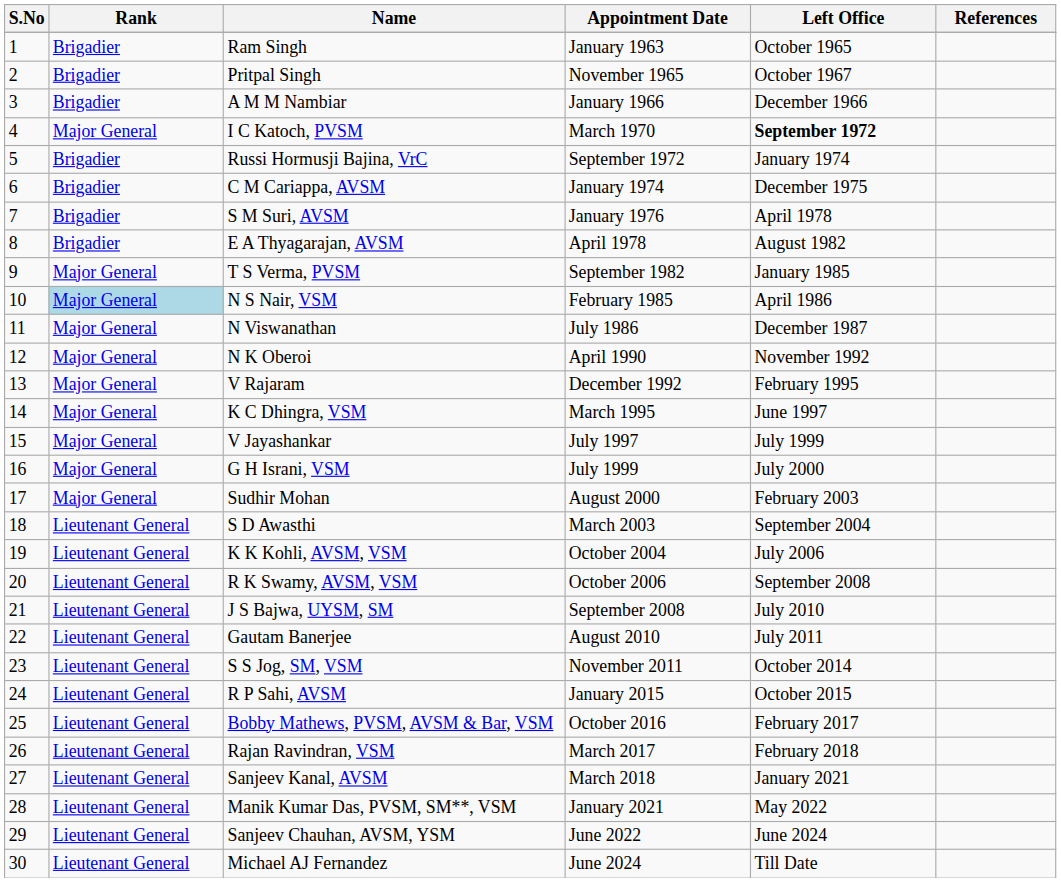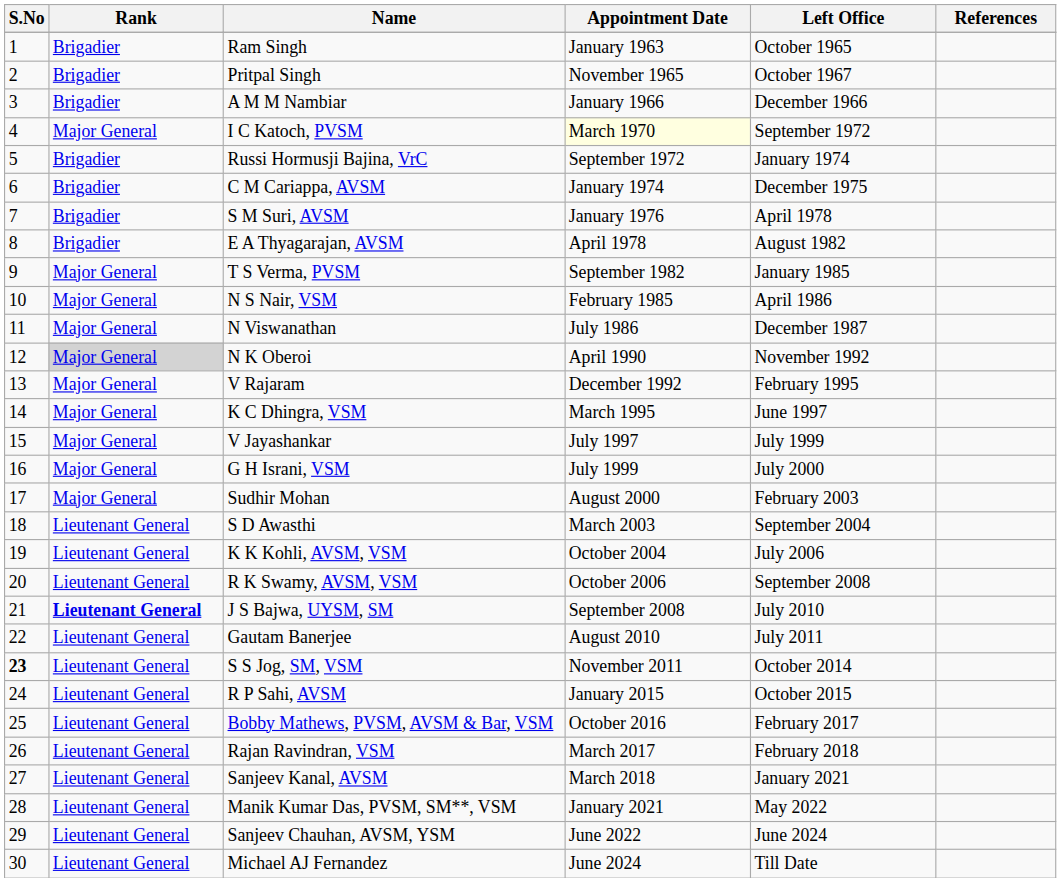 <table class="wikitable">
 <tr>
 <th scope="col" style="width: 20px;">S.No</th>
 <th scope="col" style="width: 150px;">Rank</th>
 <th scope="col" style="width: 300px;">Name</th>
 <th scope="col" style="width: 160px;">Appointment Date</th>
 <th scope="col" style="width: 160px;">Left Office</th>
 <th scope="col" style="width: 100px;">References</th>
 </tr>
 <tr>
 </tr>
 <tr>
 <td>1</td>
 <td><a href='#'>Brigadier</a></td>
 <td>Ram Singh</td>
 <td>January 1963</td>
 <td>October 1965</td>
 <td></td>
 </tr>
 <tr>
 <td>2</td>
 <td><a href='#'>Brigadier</a></td>
 <td>Pritpal Singh</td>
 <td>November 1965</td>
 <td>October 1967</td>
 <td></td>
 </tr>
 <tr>
 <td>3</td>
 <td><a href='#'>Brigadier</a></td>
 <td>A M M Nambiar</td>
 <td>January 1966</td>
 <td>December 1966</td>
 <td></td>
 </tr>
 <tr>
 <td>4</td>
 <td><a href='#'>Major General</a></td>
 <td>I C Katoch, <a href='#'>PVSM</a></td>
-<td>March 1970</td>
-<td><strong>September 1972</strong></td>
+<td style="background: lightyellow;">March 1970</td>
+<td>September 1972</td>
 <td></td>
 </tr>
 <tr>
 <td>5</td>
 <td><a href='#'>Brigadier</a></td>
 <td>Russi Hormusji Bajina, <a href='#'>VrC</a></td>
 <td>September 1972</td>
 <td>January 1974</td>
 <td></td>
 </tr>
 <tr>
 <td>6</td>
 <td><a href='#'>Brigadier</a></td>
 <td>C M Cariappa, <a href='#'>AVSM</a></td>
 <td>January 1974</td>
 <td>December 1975</td>
 <td></td>
 </tr>
 <tr>
 <td>7</td>
 <td><a href='#'>Brigadier</a></td>
 <td>S M Suri, <a href='#'>AVSM</a></td>
 <td>January 1976</td>
 <td>April 1978</td>
 <td></td>
 </tr>
 <tr>
 <td>8</td>
 <td><a href='#'>Brigadier</a></td>
 <td>E A Thyagarajan, <a href='#'>AVSM</a></td>
 <td>April 1978</td>
 <td>August 1982</td>
 <td></td>
 </tr>
 <tr>
 <td>9</td>
 <td><a href='#'>Major General</a></td>
 <td>T S Verma, <a href='#'>PVSM</a></td>
 <td>September 1982</td>
 <td>January 1985</td>
 <td></td>
 </tr>
 <tr>
 <td>10</td>
-<td style="background: lightblue;"><a href='#'>Major General</a></td>
+<td><a href='#'>Major General</a></td>
 <td>N S Nair, <a href='#'>VSM</a></td>
 <td>February 1985</td>
 <td>April 1986</td>
 <td></td>
 </tr>
 <tr>
 <td>11</td>
 <td><a href='#'>Major General</a></td>
 <td>N Viswanathan</td>
 <td>July 1986</td>
 <td>December 1987</td>
 <td></td>
 </tr>
 <tr>
 <td>12</td>
-<td><a href='#'>Major General</a></td>
+<td style="background: lightgrey;"><a href='#'>Major General</a></td>
 <td>N K Oberoi</td>
 <td>April 1990</td>
 <td>November 1992</td>
 <td></td>
 </tr>
 <tr>
 <td>13</td>
 <td><a href='#'>Major General</a></td>
 <td>V Rajaram</td>
 <td>December 1992</td>
 <td>February 1995</td>
 <td></td>
 </tr>
 <tr>
 <td>14</td>
 <td><a href='#'>Major General</a></td>
 <td>K C Dhingra, <a href='#'>VSM</a></td>
 <td>March 1995</td>
 <td>June 1997</td>
 <td></td>
 </tr>
 <tr>
 <td>15</td>
 <td><a href='#'>Major General</a></td>
 <td>V Jayashankar</td>
 <td>July 1997</td>
 <td>July 1999</td>
 <td></td>
 </tr>
 <tr>
 <td>16</td>
 <td><a href='#'>Major General</a></td>
 <td>G H Israni, <a href='#'>VSM</a></td>
 <td>July 1999</td>
 <td>July 2000</td>
 <td></td>
 </tr>
 <tr>
 <td>17</td>
 <td><a href='#'>Major General</a></td>
 <td>Sudhir Mohan</td>
 <td>August 2000</td>
 <td>February 2003</td>
 <td></td>
 </tr>
 <tr>
 <td>18</td>
 <td><a href='#'>Lieutenant General</a></td>
 <td>S D Awasthi</td>
 <td>March 2003</td>
 <td>September 2004</td>
 <td></td>
 </tr>
 <tr>
 <td>19</td>
 <td><a href='#'>Lieutenant General</a></td>
 <td>K K Kohli, <a href='#'>AVSM</a>, <a href='#'>VSM</a></td>
 <td>October 2004</td>
 <td>July 2006</td>
 <td></td>
 </tr>
 <tr>
 <td>20</td>
 <td><a href='#'>Lieutenant General</a></td>
 <td>R K Swamy, <a href='#'>AVSM</a>, <a href='#'>VSM</a></td>
 <td>October 2006</td>
 <td>September 2008</td>
 <td></td>
 </tr>
 <tr>
 <td>21</td>
-<td><a href='#'>Lieutenant General</a></td>
+<td><strong><a href='#'>Lieutenant General</a></strong></td>
 <td>J S Bajwa, <a href='#'>UYSM</a>, <a href='#'>SM</a></td>
 <td>September 2008</td>
 <td>July 2010</td>
 <td></td>
 </tr>
 <tr>
 <td>22</td>
 <td><a href='#'>Lieutenant General</a></td>
 <td>Gautam Banerjee</td>
 <td>August 2010</td>
 <td>July 2011</td>
 <td></td>
 </tr>
 <tr>
-<td>23</td>
+<td><strong>23</strong></td>
 <td><a href='#'>Lieutenant General</a></td>
 <td>S S Jog, <a href='#'>SM</a>, <a href='#'>VSM</a></td>
 <td>November 2011</td>
 <td>October 2014</td>
 <td></td>
 </tr>
 <tr>
 <td>24</td>
 <td><a href='#'>Lieutenant General</a></td>
 <td>R P Sahi, <a href='#'>AVSM</a></td>
 <td>January 2015</td>
 <td>October 2015</td>
 <td></td>
 </tr>
 <tr>
 <td>25</td>
 <td><a href='#'>Lieutenant General</a></td>
 <td><a href='#'>Bobby Mathews</a>, <a href='#'>PVSM</a>, <a href='#'>AVSM & Bar</a>, <a href='#'>VSM</a></td>
 <td>October 2016</td>
 <td>February 2017</td>
 <td></td>
 </tr>
 <tr>
 <td>26</td>
 <td><a href='#'>Lieutenant General</a></td>
 <td>Rajan Ravindran, <a href='#'>VSM</a></td>
 <td>March 2017</td>
 <td>February 2018</td>
 <td></td>
 </tr>
 <tr>
 <td>27</td>
 <td><a href='#'>Lieutenant General</a></td>
 <td>Sanjeev Kanal, <a href='#'>AVSM</a></td>
 <td>March 2018</td>
 <td>January 2021</td>
 <td></td>
 </tr>
 <tr>
 <td>28</td>
 <td><a href='#'>Lieutenant General</a></td>
 <td>Manik Kumar Das, PVSM, SM**, VSM</td>
 <td>January 2021</td>
 <td>May 2022</td>
 <td></td>
 </tr>
 <tr>
 <td>29</td>
 <td><a href='#'>Lieutenant General</a></td>
 <td>Sanjeev Chauhan, AVSM, YSM</td>
 <td>June 2022</td>
 <td>June 2024</td>
 <td></td>
 </tr>
 <tr>
 <td>30</td>
 <td><a href='#'>Lieutenant General</a></td>
 <td>Michael AJ Fernandez</td>
 <td>June 2024</td>
 <td>Till Date</td>
 <td></td>
 </tr>
 </table>
